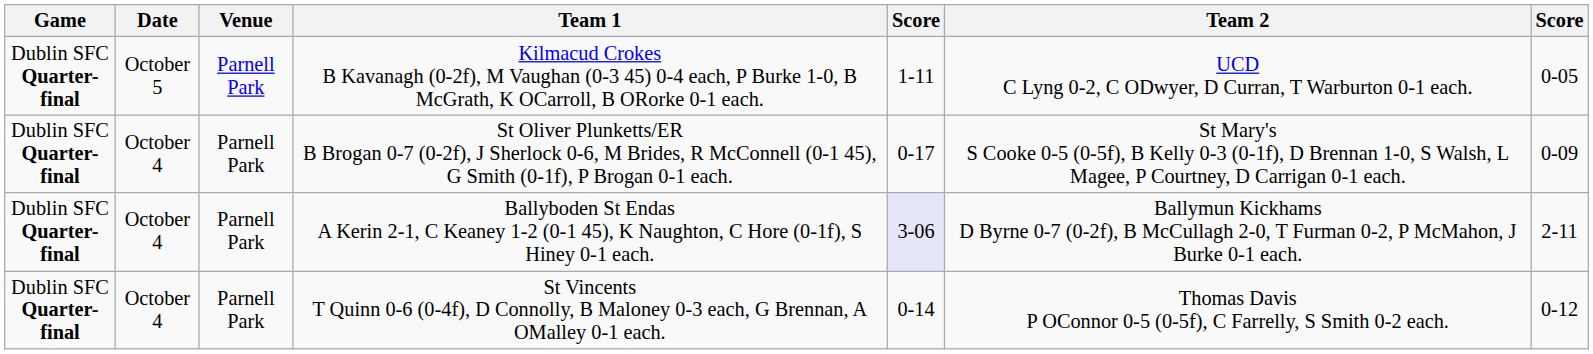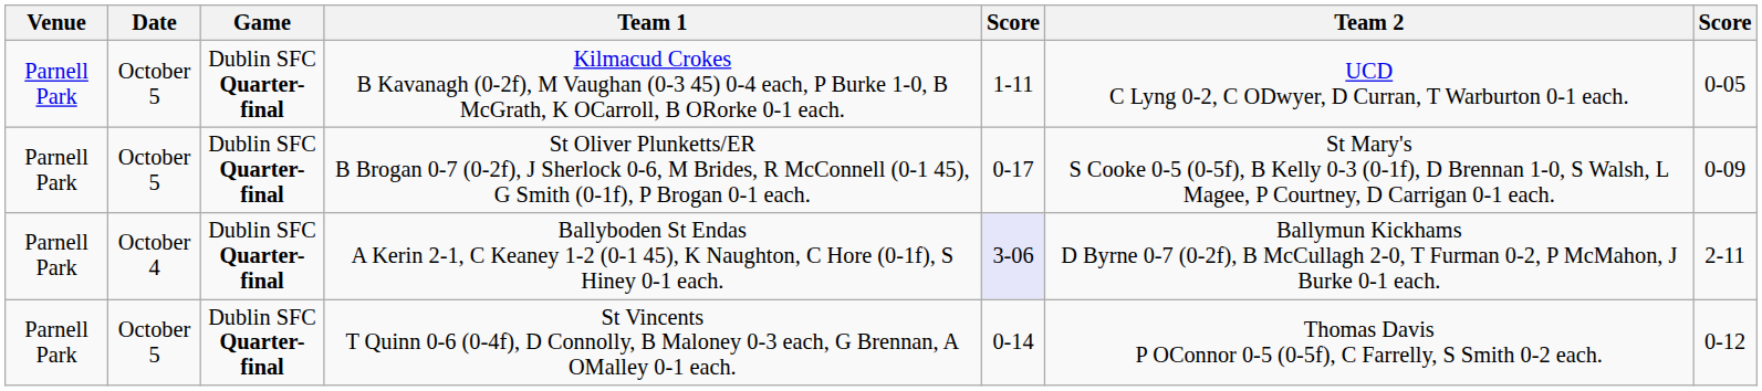 <table class="wikitable">
 <tr>
+<th>Venue</th>
+<th>Date</th>
 <th>Game</th>
-<th>Date</th>
-<th>Venue</th>
 <th>Team 1</th>
 <th>Score</th>
 <th>Team 2</th>
 <th>Score</th>
 </tr>
 <tr style="text-align:center;">
+<td><a href='#'>Parnell Park</a></td>
+<td>October 5</td>
 <td>Dublin SFC<br><strong>Quarter-final</strong></td>
-<td>October 5</td>
-<td><a href='#'>Parnell Park</a></td>
 <td><a href='#'>Kilmacud Crokes</a><br>B Kavanagh (0-2f), M Vaughan (0-3 45) 0-4 each, P Burke 1-0, B McGrath, K OCarroll, B ORorke 0-1 each.</td>
 <td>1-11</td>
 <td><a href='#'>UCD</a><br>C Lyng 0-2, C ODwyer, D Curran, T Warburton 0-1 each.</td>
 <td>0-05</td>
 </tr>
 <tr style="text-align:center;">
+<td>Parnell Park</td>
+<td>October 5</td>
 <td>Dublin SFC<br><strong>Quarter-final</strong></td>
-<td>October 4</td>
-<td>Parnell Park</td>
 <td>St Oliver Plunketts/ER<br>B Brogan 0-7 (0-2f), J Sherlock 0-6, M Brides, R McConnell (0-1 45), G Smith (0-1f), P Brogan 0-1 each.</td>
 <td>0-17</td>
 <td>St Mary's<br>S Cooke 0-5 (0-5f), B Kelly 0-3 (0-1f), D Brennan 1-0, S Walsh, L Magee, P Courtney, D Carrigan 0-1 each.</td>
 <td>0-09</td>
 </tr>
 <tr style="text-align:center;">
+<td>Parnell Park</td>
+<td>October 4</td>
 <td>Dublin SFC<br><strong>Quarter-final</strong></td>
-<td>October 4</td>
-<td>Parnell Park</td>
 <td>Ballyboden St Endas<br>A Kerin 2-1, C Keaney 1-2 (0-1 45), K Naughton, C Hore (0-1f), S Hiney 0-1 each.</td>
 <td style="background: lavender;">3-06</td>
 <td>Ballymun Kickhams<br>D Byrne 0-7 (0-2f), B McCullagh 2-0, T Furman 0-2, P McMahon, J Burke 0-1 each.</td>
 <td>2-11</td>
 </tr>
 <tr style="text-align:center;">
+<td>Parnell Park</td>
+<td>October 5</td>
 <td>Dublin SFC<br><strong>Quarter-final</strong></td>
-<td>October 4</td>
-<td>Parnell Park</td>
 <td>St Vincents<br>T Quinn 0-6 (0-4f), D Connolly, B Maloney 0-3 each, G Brennan, A OMalley 0-1 each.</td>
 <td>0-14</td>
 <td>Thomas Davis<br>P OConnor 0-5 (0-5f), C Farrelly, S Smith 0-2 each.</td>
 <td>0-12</td>
 </tr>
 </table>
